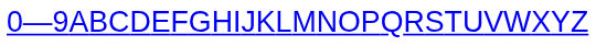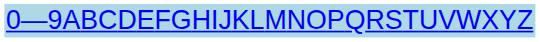 <table id="toc" class="toc" summary="Class">
 <tr>
 <th></th>
 </tr>
 <tr>
-<td style="text-align:center;"><a href='#'>0—9</a><a href='#'>A</a><a href='#'>B</a><a href='#'>C</a><a href='#'>D</a><a href='#'>E</a><a href='#'>F</a><a href='#'>G</a><a href='#'>H</a><a href='#'>I</a><a href='#'>J</a><a href='#'>K</a><a href='#'>L</a><a href='#'>M</a><a href='#'>N</a><a href='#'>O</a><a href='#'>P</a><a href='#'>Q</a><a href='#'>R</a><a href='#'>S</a><a href='#'>T</a><a href='#'>U</a><a href='#'>V</a><a href='#'>W</a><a href='#'>X</a><a href='#'>Y</a><a href='#'>Z</a></td>
+<td style="background: lightblue; text-align:center;"><a href='#'>0—9</a><a href='#'>A</a><a href='#'>B</a><a href='#'>C</a><a href='#'>D</a><a href='#'>E</a><a href='#'>F</a><a href='#'>G</a><a href='#'>H</a><a href='#'>I</a><a href='#'>J</a><a href='#'>K</a><a href='#'>L</a><a href='#'>M</a><a href='#'>N</a><a href='#'>O</a><a href='#'>P</a><a href='#'>Q</a><a href='#'>R</a><a href='#'>S</a><a href='#'>T</a><a href='#'>U</a><a href='#'>V</a><a href='#'>W</a><a href='#'>X</a><a href='#'>Y</a><a href='#'>Z</a></td>
 </tr>
 </table>
